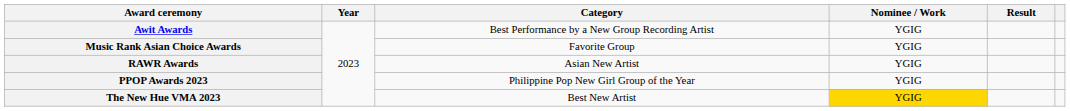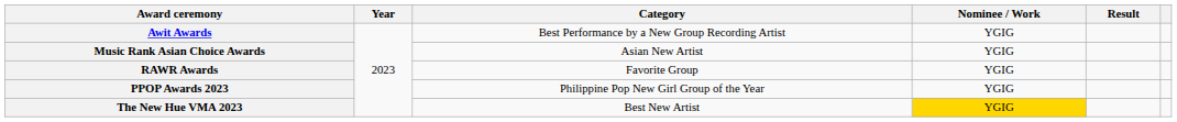 <table class="wikitable sortable plainrowheaders" style="text-align:center; width:100%">
 <tr>
 <th scope="col">Award ceremony</th>
 <th scope="col">Year</th>
 <th scope="col">Category </th>
 <th scope="col">Nominee / Work</th>
 <th scope="col">Result</th>
 <th scope="col" class="unsortable"></th>
 </tr>
 <tr>
 <th scope="row"><a href='#'>Awit Awards</a></th>
 <td rowspan="5">2023</td>
 <td>Best Performance by a New Group Recording Artist</td>
 <td>YGIG</td>
 <td></td>
 <td></td>
 </tr>
 <tr>
 <th scope="row">Music Rank Asian Choice Awards</th>
-<td>Favorite Group</td>
+<td>Asian New Artist</td>
 <td>YGIG</td>
 <td></td>
 <td></td>
 </tr>
 <tr>
 <th scope="row">RAWR Awards</th>
-<td>Asian New Artist</td>
+<td>Favorite Group</td>
 <td>YGIG</td>
 <td></td>
 <td></td>
 </tr>
 <tr>
 <th scope="row">PPOP Awards 2023</th>
 <td>Philippine Pop New Girl Group of the Year</td>
 <td>YGIG</td>
 <td></td>
 <td></td>
 </tr>
 <tr>
 <th scope="row">The New Hue VMA 2023</th>
 <td>Best New Artist</td>
 <td style="background: gold;">YGIG</td>
 <td></td>
 <td></td>
 </tr>
 </table>
